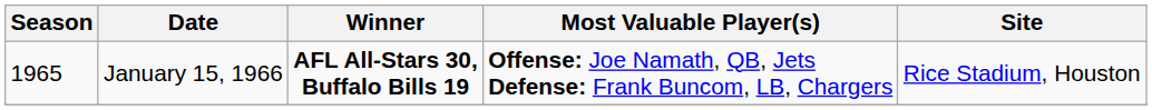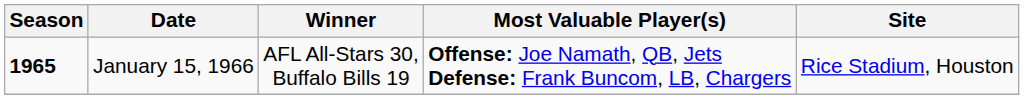 <table class="wikitable">
 <tr>
 <th>Season</th>
 <th>Date</th>
 <th>Winner</th>
 <th>Most Valuable Player(s)</th>
 <th>Site</th>
 </tr>
 <tr>
-<td>1965</td>
+<td><strong>1965</strong></td>
 <td>January 15, 1966</td>
-<td style="text-align: center;"><strong>AFL All-Stars 30, <br>Buffalo Bills 19</strong></td>
+<td style="text-align: center;">AFL All-Stars 30, <br>Buffalo Bills 19</td>
 <td><strong>Offense:</strong> <a href='#'>Joe Namath</a>, <a href='#'>QB</a>, <a href='#'>Jets</a><br><strong>Defense:</strong> <a href='#'>Frank Buncom</a>, <a href='#'>LB</a>, <a href='#'>Chargers</a></td>
 <td><a href='#'>Rice Stadium</a>, Houston</td>
 </tr>
 <tr>
 </tr>
 </table>
